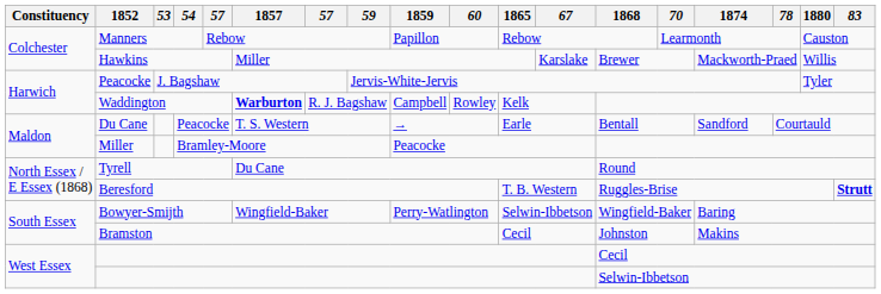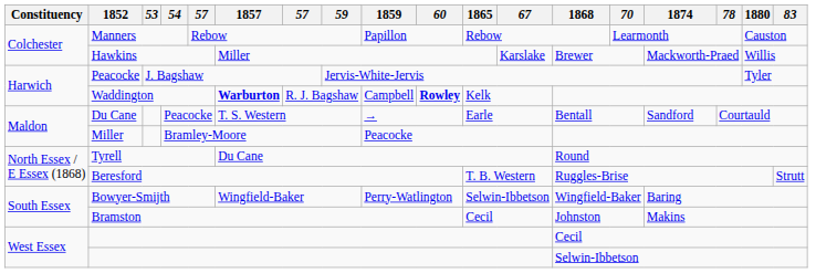 <table class="wikitable">
 <tr>
 <th>Constituency</th>
 <th>1852</th>
 <th><em>53</em></th>
 <th><em>54</em></th>
 <th><em>57</em></th>
 <th>1857</th>
 <th><em>57</em></th>
 <th><em>59</em></th>
 <th>1859</th>
 <th><em>60</em></th>
 <th>1865</th>
 <th><em>67</em></th>
 <th>1868</th>
 <th><em>70</em></th>
 <th>1874</th>
 <th><em>78</em></th>
 <th>1880</th>
 <th><em>83</em></th>
 </tr>
 <tr>
 <td rowspan="2"><a href='#'>Colchester</a></td>
 <td colspan="3"><a href='#'>Manners</a></td>
 <td colspan="4"><a href='#'>Rebow</a></td>
 <td colspan="2"><a href='#'>Papillon</a></td>
 <td colspan="3"><a href='#'>Rebow</a></td>
 <td colspan="3"><a href='#'>Learmonth</a></td>
 <td colspan="2"><a href='#'>Causton</a></td>
 </tr>
 <tr>
 <td colspan="4"><a href='#'>Hawkins</a></td>
 <td colspan="6"><a href='#'>Miller</a></td>
 <td><a href='#'>Karslake</a></td>
 <td colspan="2"><a href='#'>Brewer</a></td>
 <td colspan="2"><a href='#'>Mackworth-Praed</a></td>
 <td colspan="2"><a href='#'>Willis</a></td>
 </tr>
 <tr>
 <td rowspan="2"><a href='#'>Harwich</a></td>
 <td><a href='#'>Peacocke</a></td>
 <td colspan="5"><a href='#'>J. Bagshaw</a></td>
 <td colspan="9"><a href='#'>Jervis-White-Jervis</a></td>
 <td colspan="2"><a href='#'>Tyler</a></td>
 </tr>
 <tr>
 <td colspan="4"><a href='#'>Waddington</a></td>
 <td><strong><a href='#'>Warburton</a></strong></td>
 <td colspan="2"><a href='#'>R. J. Bagshaw</a></td>
 <td><a href='#'>Campbell</a></td>
-<td><a href='#'>Rowley</a></td>
+<td><strong><a href='#'>Rowley</a></strong></td>
 <td colspan="2"><a href='#'>Kelk</a></td>
 <td colspan="6"></td>
 </tr>
 <tr>
 <td rowspan="2"><a href='#'>Maldon</a></td>
 <td><a href='#'>Du Cane</a></td>
 <td></td>
 <td colspan="2"><a href='#'>Peacocke</a></td>
 <td colspan="3"><a href='#'>T. S. Western</a></td>
 <td colspan="2"><a href='#'>→</a></td>
 <td colspan="2"><a href='#'>Earle</a></td>
 <td colspan="2"><a href='#'>Bentall</a></td>
 <td><a href='#'>Sandford</a></td>
 <td colspan="3"><a href='#'>Courtauld</a></td>
 </tr>
 <tr>
 <td><a href='#'>Miller</a></td>
 <td></td>
 <td colspan="5"><a href='#'>Bramley-Moore</a></td>
 <td colspan="4"><a href='#'>Peacocke</a></td>
 <td colspan="6"></td>
 </tr>
 <tr>
 <td rowspan="2"><a href='#'>North Essex</a> /<br><a href='#'>E Essex</a> (1868)</td>
 <td colspan="4"><a href='#'>Tyrell</a></td>
 <td colspan="7"><a href='#'>Du Cane</a></td>
 <td colspan="6"><a href='#'>Round</a></td>
 </tr>
 <tr>
 <td colspan="9"><a href='#'>Beresford</a></td>
 <td colspan="2"><a href='#'>T. B. Western</a></td>
 <td colspan="5"><a href='#'>Ruggles-Brise</a></td>
-<td><strong><a href='#'>Strutt</a></strong></td>
+<td><a href='#'>Strutt</a></td>
 </tr>
 <tr>
 <td rowspan="2"><a href='#'>South Essex</a></td>
 <td colspan="4"><a href='#'>Bowyer-Smijth</a></td>
 <td colspan="3"><a href='#'>Wingfield-Baker</a></td>
 <td colspan="2"><a href='#'>Perry-Watlington</a></td>
 <td colspan="2"><a href='#'>Selwin-Ibbetson</a></td>
 <td colspan="2"><a href='#'>Wingfield-Baker</a></td>
 <td colspan="4"><a href='#'>Baring</a></td>
 </tr>
 <tr>
 <td colspan="9"><a href='#'>Bramston</a></td>
 <td colspan="2"><a href='#'>Cecil</a></td>
 <td colspan="2"><a href='#'>Johnston</a></td>
 <td colspan="4"><a href='#'>Makins</a></td>
 </tr>
 <tr>
 <td rowspan="2"><a href='#'>West Essex</a></td>
 <td colspan="11"></td>
 <td colspan="6"><a href='#'>Cecil</a></td>
 </tr>
 <tr>
 <td colspan="11"></td>
 <td colspan="6"><a href='#'>Selwin-Ibbetson</a></td>
 </tr>
 </table>
